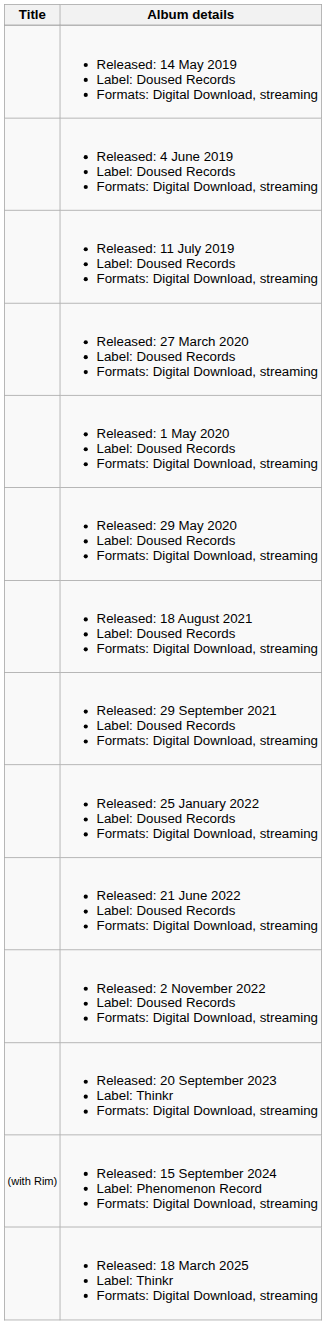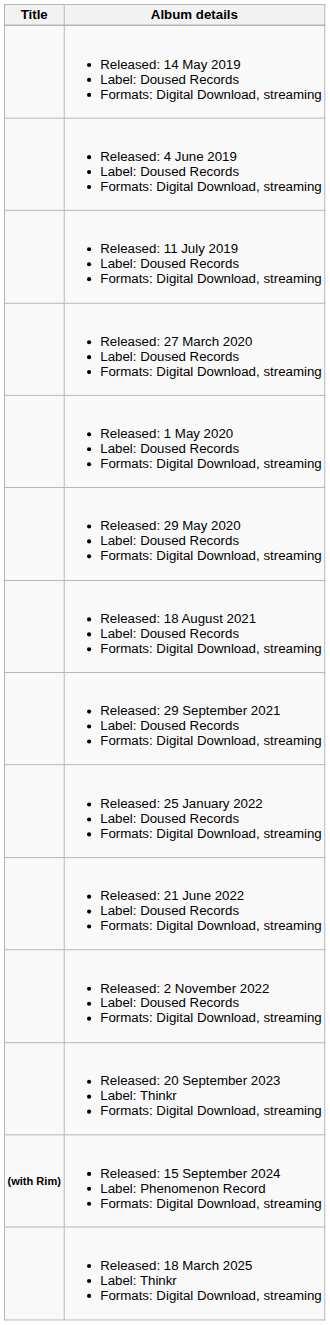 <table class="wikitable plainrowheaders">
 <tr>
 <th scope="col">Title</th>
 <th scope="col">Album details</th>
 </tr>
 <tr>
 </tr>
 <tr>
 <td></td>
 <td><br><ul><li>Released: 14 May 2019</li><li>Label: Doused Records</li><li>Formats: Digital Download, streaming</li></ul></td>
 </tr>
 <tr>
 <td></td>
 <td><br><ul><li>Released: 4 June 2019</li><li>Label: Doused Records</li><li>Formats: Digital Download, streaming</li></ul></td>
 </tr>
 <tr>
 <td></td>
 <td><br><ul><li>Released: 11 July 2019</li><li>Label: Doused Records</li><li>Formats: Digital Download, streaming</li></ul></td>
 </tr>
 <tr>
 <td></td>
 <td><br><ul><li>Released: 27 March 2020</li><li>Label: Doused Records</li><li>Formats: Digital Download, streaming</li></ul></td>
 </tr>
 <tr>
 <td></td>
 <td><br><ul><li>Released: 1 May 2020</li><li>Label: Doused Records</li><li>Formats: Digital Download, streaming</li></ul></td>
 </tr>
 <tr>
 <td></td>
 <td><br><ul><li>Released: 29 May 2020</li><li>Label: Doused Records</li><li>Formats: Digital Download, streaming</li></ul></td>
 </tr>
 <tr>
 <td></td>
 <td><br><ul><li>Released: 18 August 2021</li><li>Label: Doused Records</li><li>Formats: Digital Download, streaming</li></ul></td>
 </tr>
 <tr>
 <td></td>
 <td><br><ul><li>Released: 29 September 2021</li><li>Label: Doused Records</li><li>Formats: Digital Download, streaming</li></ul></td>
 </tr>
 <tr>
 <td></td>
 <td><br><ul><li>Released: 25 January 2022</li><li>Label: Doused Records</li><li>Formats: Digital Download, streaming</li></ul></td>
 </tr>
 <tr>
 <td></td>
 <td><br><ul><li>Released: 21 June 2022</li><li>Label: Doused Records</li><li>Formats: Digital Download, streaming</li></ul></td>
 </tr>
 <tr>
 <td></td>
 <td><br><ul><li>Released: 2 November 2022</li><li>Label: Doused Records</li><li>Formats: Digital Download, streaming</li></ul></td>
 </tr>
 <tr>
 <td></td>
 <td><br><ul><li>Released: 20 September 2023</li><li>Label: Thinkr</li><li>Formats: Digital Download, streaming</li></ul></td>
 </tr>
 <tr>
-<td> <small>(with Rim)</small></td>
+<td><strong> <small>(with Rim)</small></strong></td>
 <td><br><ul><li>Released: 15 September 2024</li><li>Label: Phenomenon Record</li><li>Formats: Digital Download, streaming</li></ul></td>
 </tr>
 <tr>
 <td></td>
 <td><br><ul><li>Released: 18 March 2025</li><li>Label: Thinkr</li><li>Formats: Digital Download, streaming</li></ul></td>
 </tr>
 </table>
